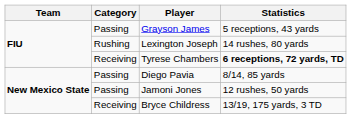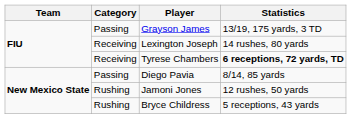 <table class="wikitable" style="float: right;">
 <tr>
 <th>Team</th>
 <th>Category</th>
 <th>Player</th>
 <th>Statistics</th>
 </tr>
 <tr>
 <td rowspan=3><strong>FIU</strong></td>
 <td>Passing</td>
 <td><a href='#'>Grayson James</a></td>
-<td>5 receptions, 43 yards</td>
+<td>13/19, 175 yards, 3 TD</td>
 </tr>
 <tr>
-<td>Rushing</td>
+<td>Receiving</td>
 <td>Lexington Joseph</td>
 <td>14 rushes, 80 yards</td>
 </tr>
 <tr>
 <td>Receiving</td>
 <td>Tyrese Chambers</td>
 <td><strong>6 receptions, 72 yards, TD</strong></td>
 </tr>
 <tr>
 <td rowspan=3><strong>New Mexico State</strong></td>
 <td>Passing</td>
 <td>Diego Pavia</td>
 <td>8/14, 85 yards</td>
 </tr>
 <tr>
-<td>Passing</td>
+<td>Rushing</td>
 <td>Jamoni Jones</td>
 <td>12 rushes, 50 yards</td>
 </tr>
 <tr>
-<td>Receiving</td>
+<td>Rushing</td>
 <td>Bryce Childress</td>
-<td>13/19, 175 yards, 3 TD</td>
+<td>5 receptions, 43 yards</td>
 </tr>
 </table>
